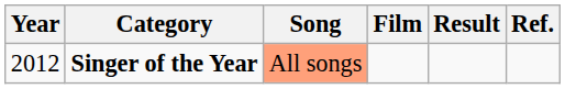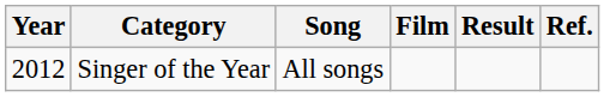 <table class="wikitable">
 <tr>
 <th>Year</th>
 <th>Category</th>
 <th>Song</th>
 <th>Film</th>
 <th>Result</th>
 <th>Ref.</th>
 </tr>
 <tr>
 <td>2012</td>
-<td><strong>Singer of the Year</strong></td>
-<td style="background: lightsalmon;">All songs</td>
+<td>Singer of the Year</td>
+<td>All songs</td>
 <td></td>
 <td></td>
 <td></td>
 </tr>
 </table>
